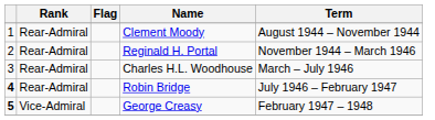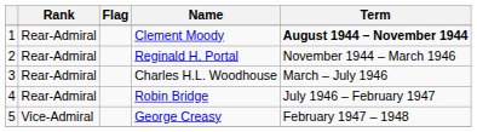 <table class="wikitable">
 <tr>
 <th></th>
 <th>Rank</th>
 <th>Flag</th>
 <th>Name</th>
 <th>Term</th>
 </tr>
 <tr>
 </tr>
 <tr>
 <td>1</td>
 <td>Rear-Admiral</td>
 <td></td>
 <td><a href='#'>Clement Moody</a></td>
-<td>August 1944 – November 1944</td>
+<td><strong>August 1944 – November 1944</strong></td>
 </tr>
 <tr>
 <td>2</td>
 <td>Rear-Admiral</td>
 <td></td>
 <td><a href='#'>Reginald H. Portal</a></td>
 <td>November 1944 – March 1946</td>
 </tr>
 <tr>
 <td>3</td>
 <td>Rear-Admiral</td>
 <td></td>
 <td>Charles H.L. Woodhouse</td>
 <td>March – July 1946</td>
 </tr>
 <tr>
-<td><strong>4</strong></td>
+<td>4</td>
 <td>Rear-Admiral</td>
 <td></td>
 <td><a href='#'>Robin Bridge</a></td>
 <td>July 1946 – February 1947</td>
 </tr>
 <tr>
-<td><strong>5</strong></td>
+<td>5</td>
 <td>Vice-Admiral</td>
 <td></td>
 <td><a href='#'>George Creasy</a></td>
 <td>February 1947 – 1948</td>
 </tr>
 <tr>
 </tr>
 </table>
